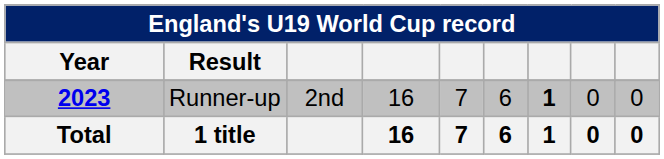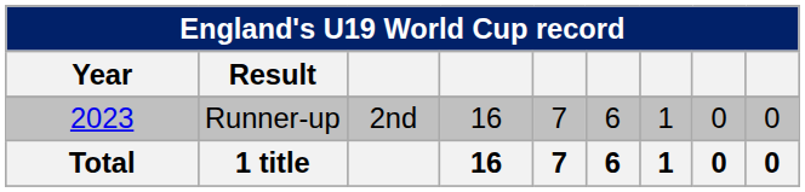 <table class="wikitable" style="font-size:90%; text-align:center;">
 <tr>
 <th style="background:#012169; color:white; text-align:center;" colspan=9>England's U19 World Cup record</th>
 </tr>
 <tr>
 <th width="90">Year</th>
 <th>Result</th>
 <th width="40"></th>
 <th width="40"></th>
 <th width="20"></th>
 <th width="20"></th>
 <th width="20"></th>
 <th width="20"></th>
 <th width="20"></th>
 </tr>
 <tr>
 </tr>
 <tr bgcolor=silver>
-<td><strong> <a href='#'>2023</a></strong></td>
+<td> <a href='#'>2023</a></td>
 <td>Runner-up</td>
 <td>2nd</td>
 <td>16</td>
 <td>7</td>
 <td>6</td>
-<td><strong>1</strong></td>
+<td>1</td>
 <td>0</td>
 <td>0</td>
 </tr>
 <tr>
 <th>Total</th>
 <th><strong>1 title</strong></th>
 <th></th>
 <th>16</th>
 <th>7</th>
 <th>6</th>
 <th>1</th>
 <th>0</th>
 <th>0</th>
 </tr>
 </table>
